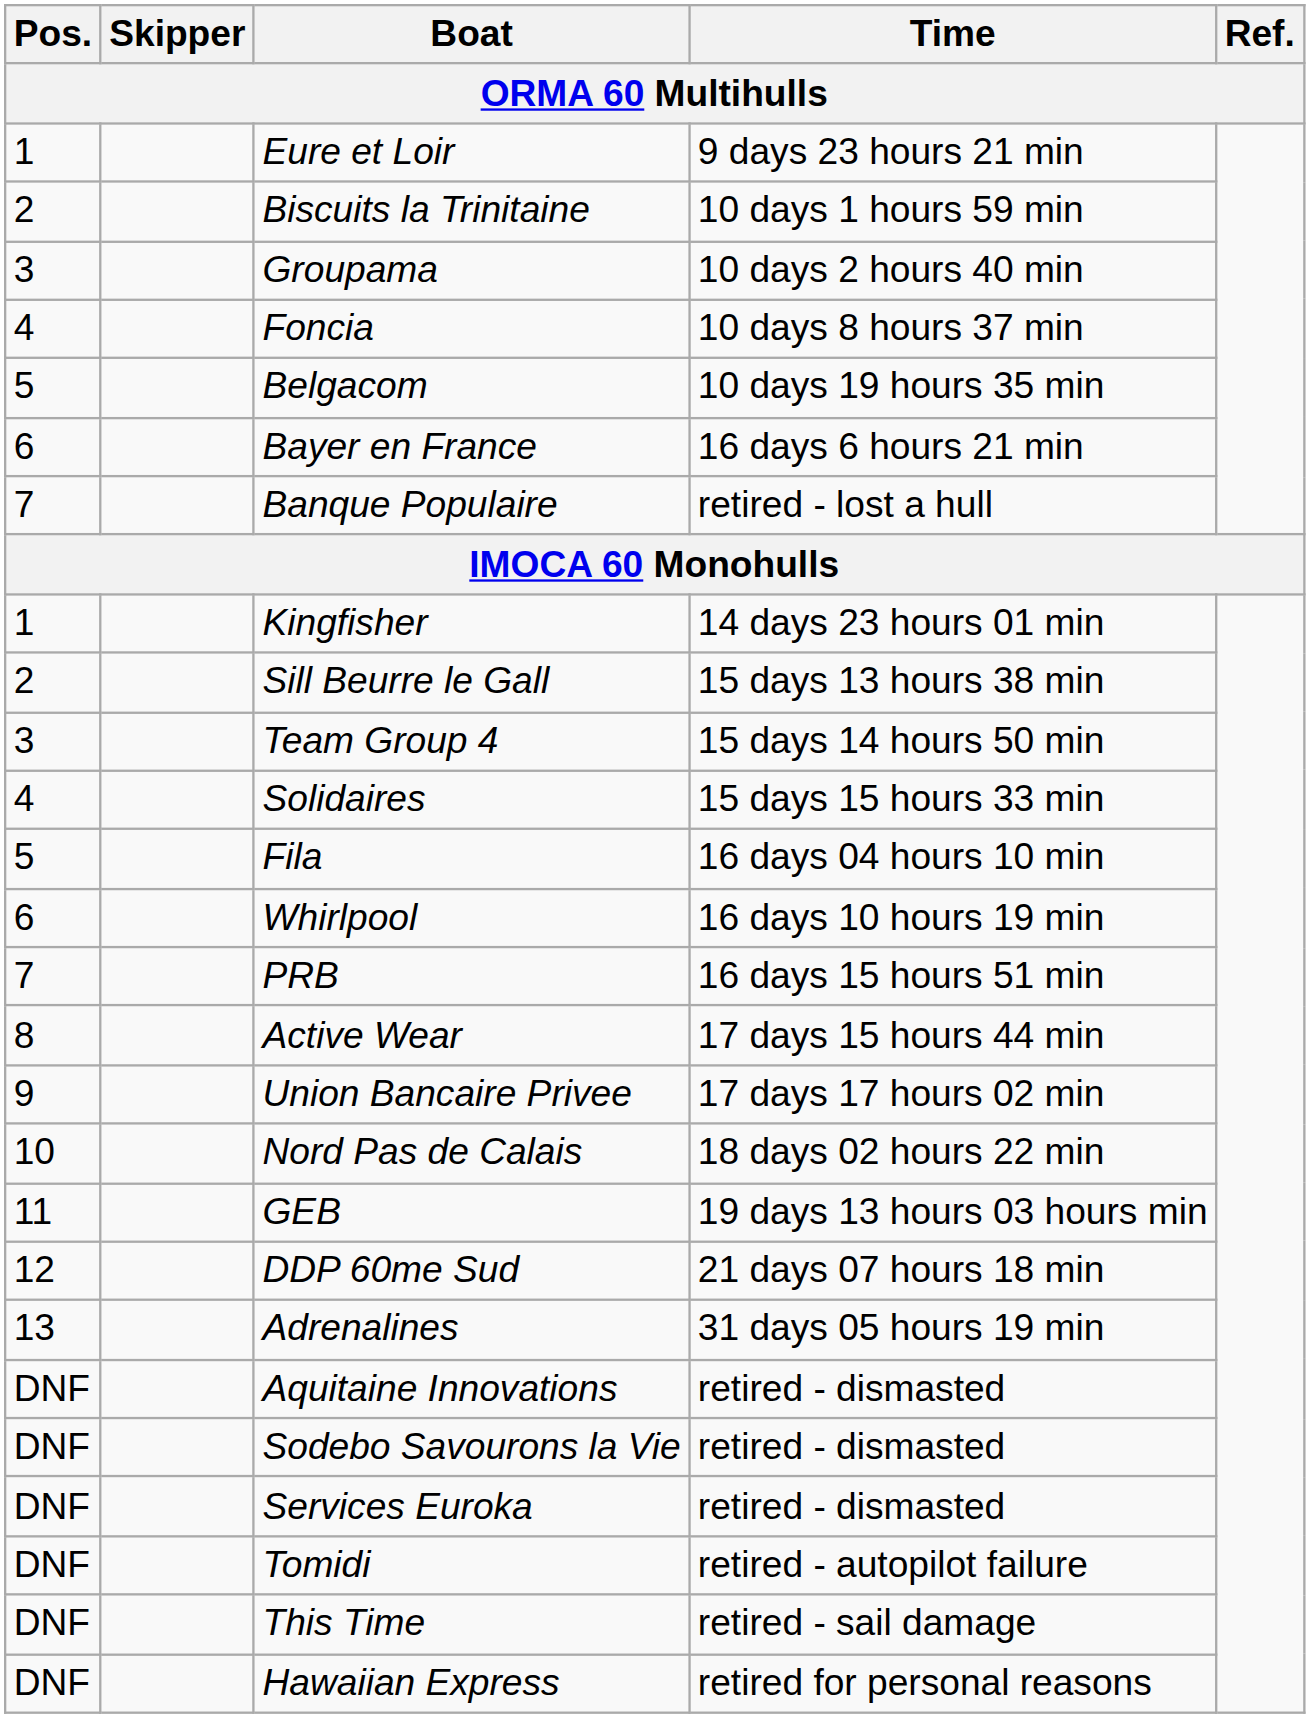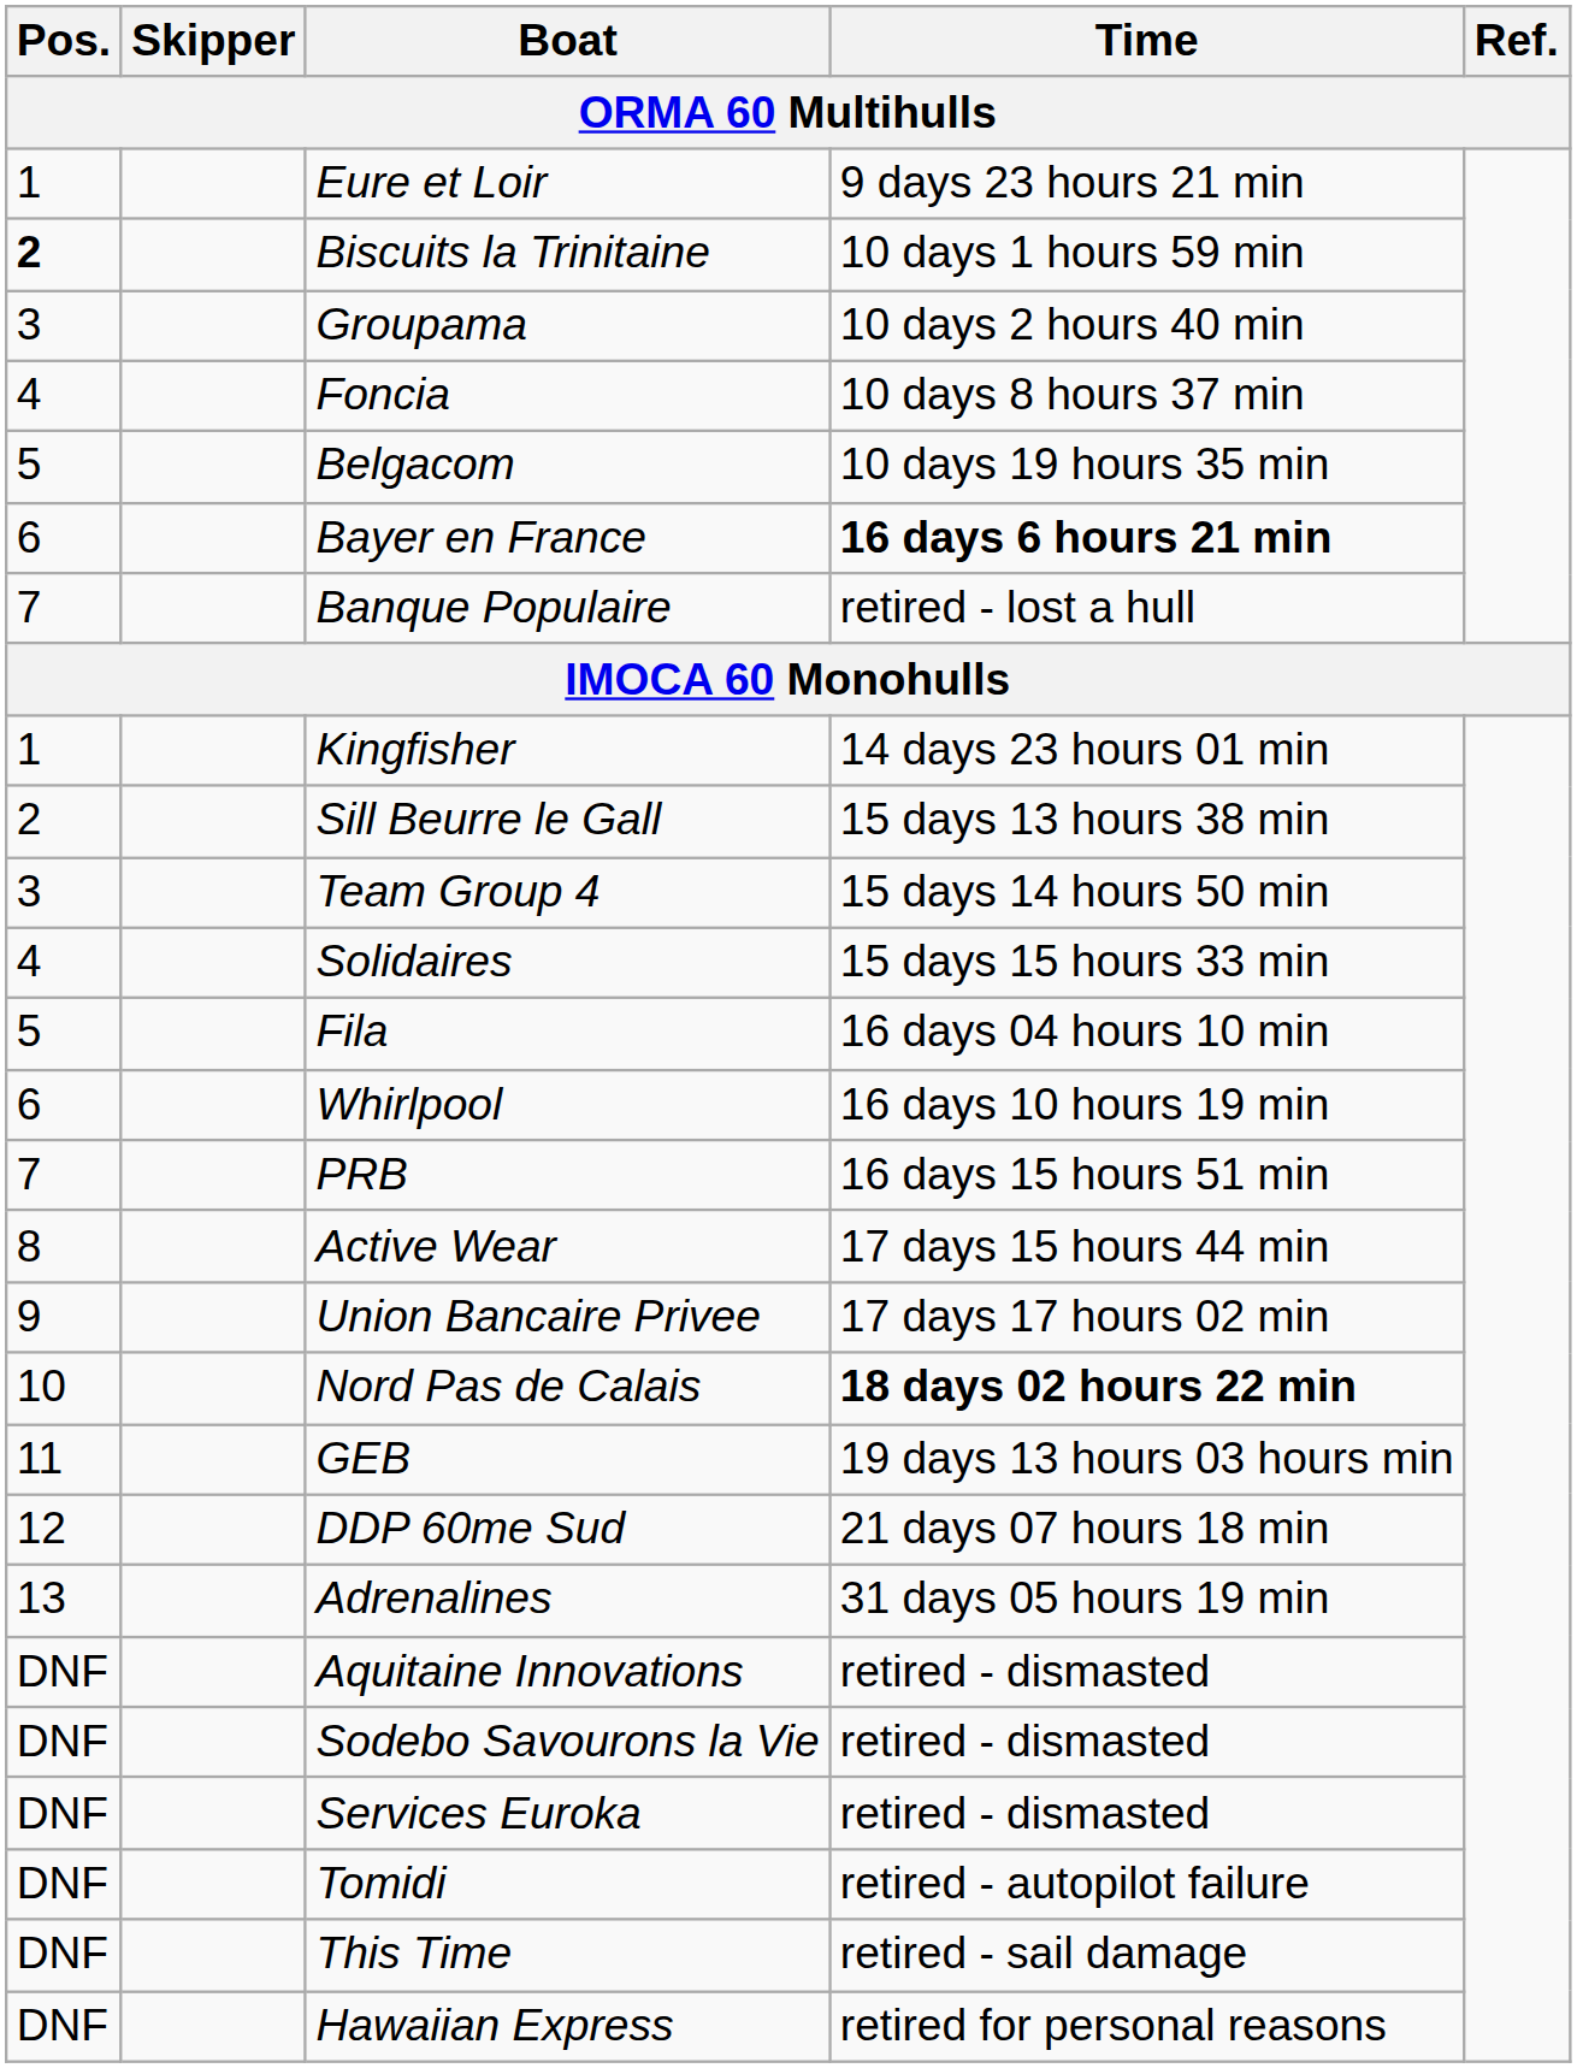 <table class=wikitable>
 <tr>
 <th>Pos.</th>
 <th>Skipper</th>
 <th>Boat</th>
 <th>Time</th>
 <th>Ref.</th>
 </tr>
 <tr>
 <th colspan=5><strong><a href='#'>ORMA 60</a> Multihulls</strong></th>
 </tr>
 <tr>
 <td>1</td>
 <td></td>
 <td><em>Eure et Loir</em></td>
 <td>9 days 23 hours 21 min</td>
 </tr>
 <tr>
-<td>2</td>
+<td><strong>2</strong></td>
 <td></td>
 <td><em>Biscuits la Trinitaine</em></td>
 <td>10 days 1 hours 59 min</td>
 </tr>
 <tr>
 <td>3</td>
 <td></td>
 <td><em>Groupama</em></td>
 <td>10 days 2 hours 40 min</td>
 </tr>
 <tr>
 <td>4</td>
 <td></td>
 <td><em>Foncia</em></td>
 <td>10 days 8 hours 37 min</td>
 </tr>
 <tr>
 <td>5</td>
 <td></td>
 <td><em>Belgacom</em></td>
 <td>10 days 19 hours 35 min</td>
 </tr>
 <tr>
 <td>6</td>
 <td></td>
 <td><em>Bayer en France</em></td>
-<td>16 days 6 hours 21 min</td>
+<td><strong>16 days 6 hours 21 min</strong></td>
 </tr>
 <tr>
 <td>7</td>
 <td></td>
 <td><em>Banque Populaire</em></td>
 <td>retired - lost a hull</td>
 </tr>
 <tr>
 <th colspan=5><strong><a href='#'>IMOCA 60</a> Monohulls</strong></th>
 </tr>
 <tr>
 <td>1</td>
 <td></td>
 <td><em>Kingfisher</em></td>
 <td>14 days 23 hours 01 min</td>
 </tr>
 <tr>
 <td>2</td>
 <td></td>
 <td><em>Sill Beurre le Gall</em></td>
 <td>15 days 13 hours 38 min</td>
 </tr>
 <tr>
 <td>3</td>
 <td></td>
 <td><em>Team Group 4</em></td>
 <td>15 days 14 hours 50 min</td>
 </tr>
 <tr>
 <td>4</td>
 <td></td>
 <td><em>Solidaires</em></td>
 <td>15 days 15 hours 33 min</td>
 </tr>
 <tr>
 <td>5</td>
 <td></td>
 <td><em>Fila</em></td>
 <td>16 days 04 hours 10 min</td>
 </tr>
 <tr>
 <td>6</td>
 <td></td>
 <td><em>Whirlpool</em></td>
 <td>16 days 10 hours 19 min</td>
 </tr>
 <tr>
 <td>7</td>
 <td></td>
 <td><em>PRB</em></td>
 <td>16 days 15 hours 51 min</td>
 </tr>
 <tr>
 <td>8</td>
 <td></td>
 <td><em>Active Wear</em></td>
 <td>17 days 15 hours 44 min</td>
 </tr>
 <tr>
 <td>9</td>
 <td></td>
 <td><em>Union Bancaire Privee</em></td>
 <td>17 days 17 hours 02 min</td>
 </tr>
 <tr>
 <td>10</td>
 <td></td>
 <td><em>Nord Pas de Calais</em></td>
-<td>18 days 02 hours 22 min</td>
+<td><strong>18 days 02 hours 22 min</strong></td>
 </tr>
 <tr>
 <td>11</td>
 <td></td>
 <td><em>GEB</em></td>
 <td>19 days 13 hours 03 hours min</td>
 </tr>
 <tr>
 <td>12</td>
 <td></td>
 <td><em>DDP 60me Sud</em></td>
 <td>21 days 07 hours 18 min</td>
 </tr>
 <tr>
 <td>13</td>
 <td></td>
 <td><em>Adrenalines</em></td>
 <td>31 days 05 hours 19 min</td>
 </tr>
 <tr>
 <td>DNF</td>
 <td></td>
 <td><em>Aquitaine Innovations</em></td>
 <td>retired - dismasted</td>
 </tr>
 <tr>
 <td>DNF</td>
 <td></td>
 <td><em>Sodebo Savourons la Vie</em></td>
 <td>retired - dismasted</td>
 </tr>
 <tr>
 <td>DNF</td>
 <td></td>
 <td><em>Services Euroka</em></td>
 <td>retired - dismasted</td>
 </tr>
 <tr>
 <td>DNF</td>
 <td></td>
 <td><em>Tomidi</em></td>
 <td>retired - autopilot failure</td>
 </tr>
 <tr>
 <td>DNF</td>
 <td></td>
 <td><em>This Time</em></td>
 <td>retired - sail damage</td>
 </tr>
 <tr>
 <td>DNF</td>
 <td></td>
 <td><em>Hawaiian Express</em></td>
 <td>retired for personal reasons</td>
 </tr>
 </table>
